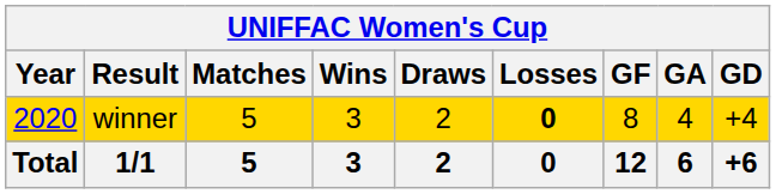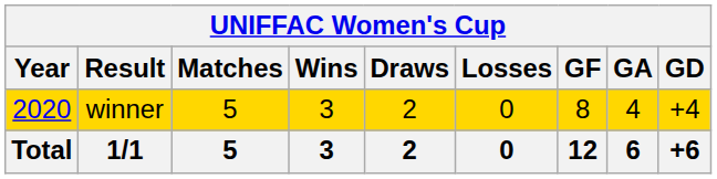 <table class="wikitable" style="text-align: center;">
 <tr>
 <th colspan=9><strong><a href='#'>UNIFFAC Women's Cup</a> </strong></th>
 </tr>
 <tr>
 <th>Year</th>
 <th>Result</th>
 <th>Matches</th>
 <th>Wins</th>
 <th>Draws</th>
 <th>Losses</th>
 <th>GF</th>
 <th>GA</th>
 <th>GD</th>
 </tr>
 <tr bgcolor=gold>
 <td><a href='#'>2020</a></td>
 <td>winner</td>
 <td>5</td>
 <td>3</td>
 <td>2</td>
-<td><strong>0</strong></td>
+<td>0</td>
 <td>8</td>
 <td>4</td>
 <td>+4</td>
 </tr>
 <tr>
 <th>Total</th>
 <th>1/1</th>
 <th>5</th>
 <th>3</th>
 <th>2</th>
 <th>0</th>
 <th>12</th>
 <th>6</th>
 <th>+6</th>
 </tr>
 </table>
